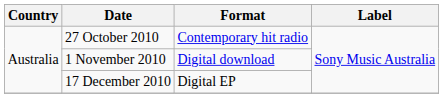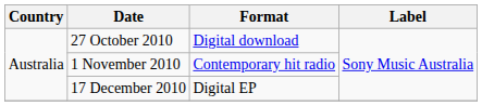 <table class="wikitable">
 <tr>
 <th>Country</th>
 <th>Date</th>
 <th>Format</th>
 <th>Label</th>
 </tr>
 <tr>
 <td rowspan="3">Australia</td>
 <td>27 October 2010</td>
-<td><a href='#'>Contemporary hit radio</a></td>
+<td><a href='#'>Digital download</a></td>
 <td rowspan="3"><a href='#'>Sony Music Australia</a></td>
 </tr>
 <tr>
 <td>1 November 2010</td>
-<td><a href='#'>Digital download</a></td>
+<td><a href='#'>Contemporary hit radio</a></td>
 </tr>
 <tr>
 <td>17 December 2010</td>
 <td>Digital EP</td>
 </tr>
 <tr>
 </tr>
 </table>
